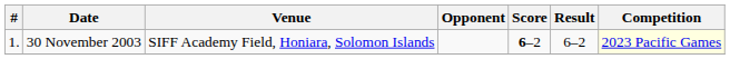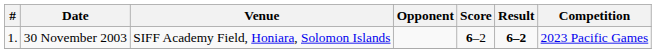 <table class="wikitable" style="font-size:95%;">
 <tr>
 <th>#</th>
 <th>Date</th>
 <th>Venue</th>
 <th>Opponent</th>
 <th>Score</th>
 <th>Result</th>
 <th>Competition</th>
 </tr>
 <tr>
 <td>1.</td>
 <td>30 November 2003</td>
 <td>SIFF Academy Field, <a href='#'>Honiara</a>, <a href='#'>Solomon Islands</a></td>
 <td></td>
 <td align=center><strong>6</strong>–2</td>
-<td align=center>6–2</td>
-<td style="background: lightyellow;"><a href='#'>2023 Pacific Games</a></td>
+<td align=center><strong>6–2</strong></td>
+<td><a href='#'>2023 Pacific Games</a></td>
 </tr>
 <tr>
 </tr>
 </table>
